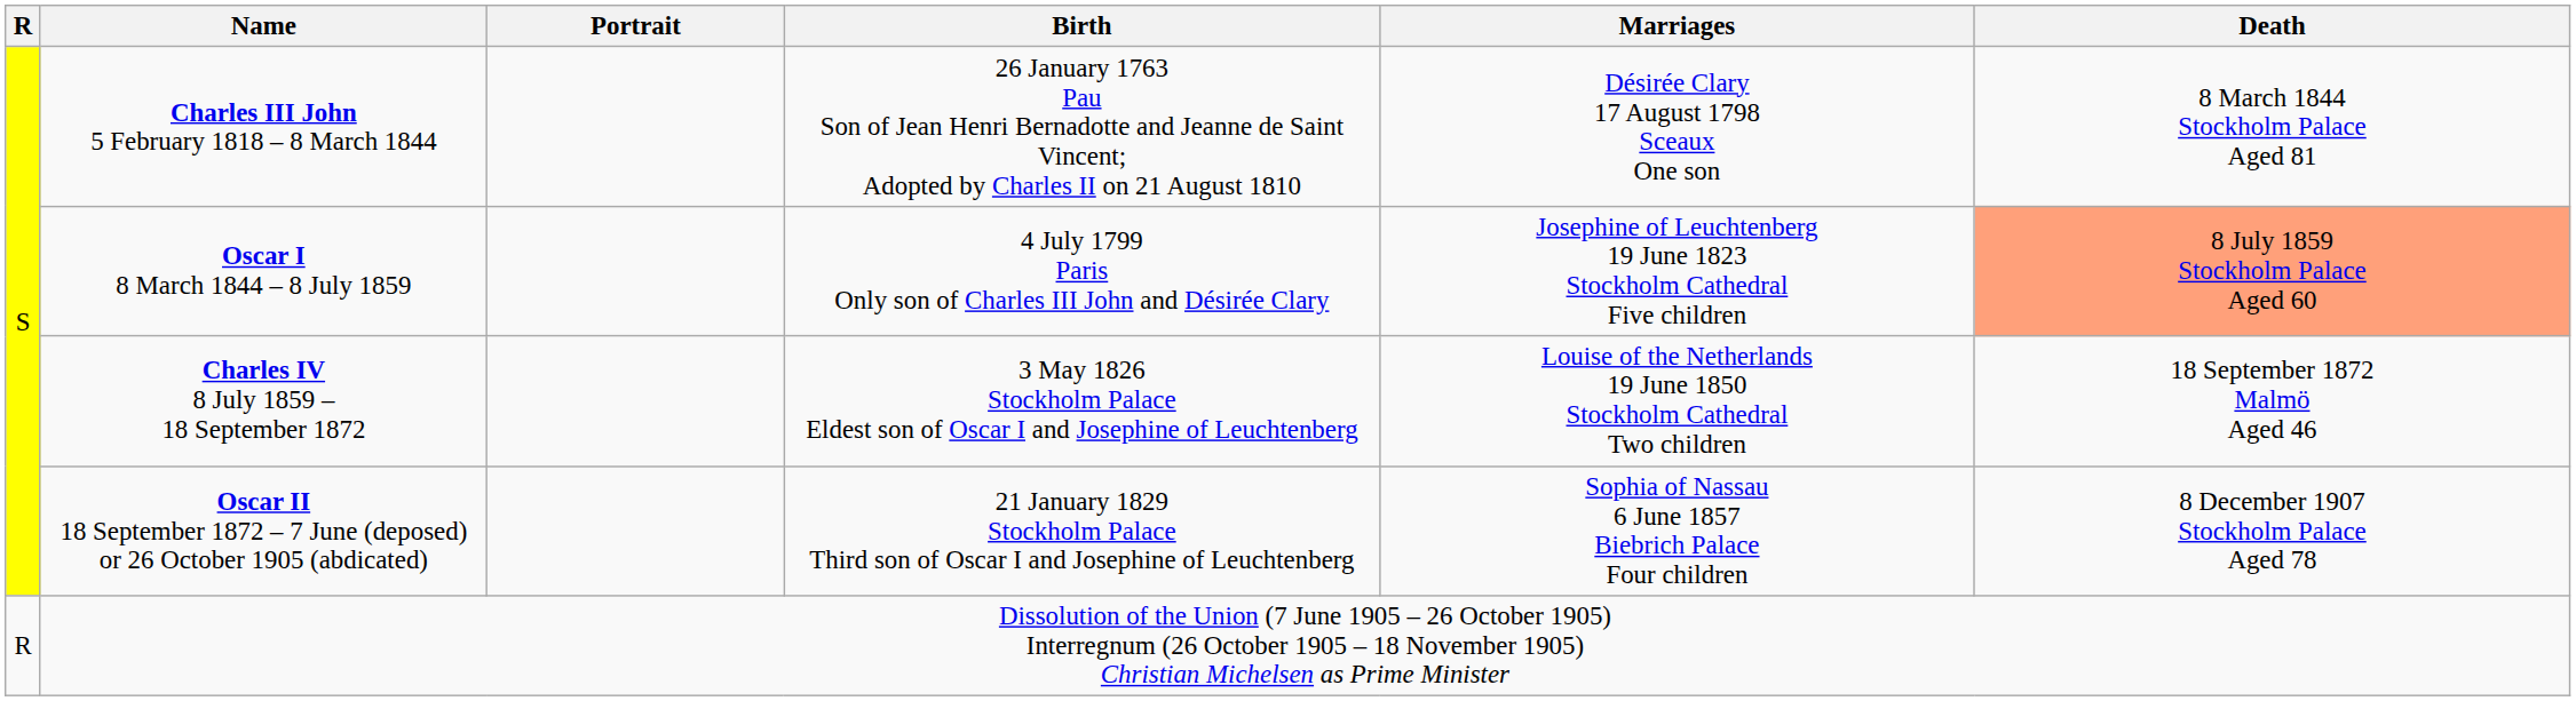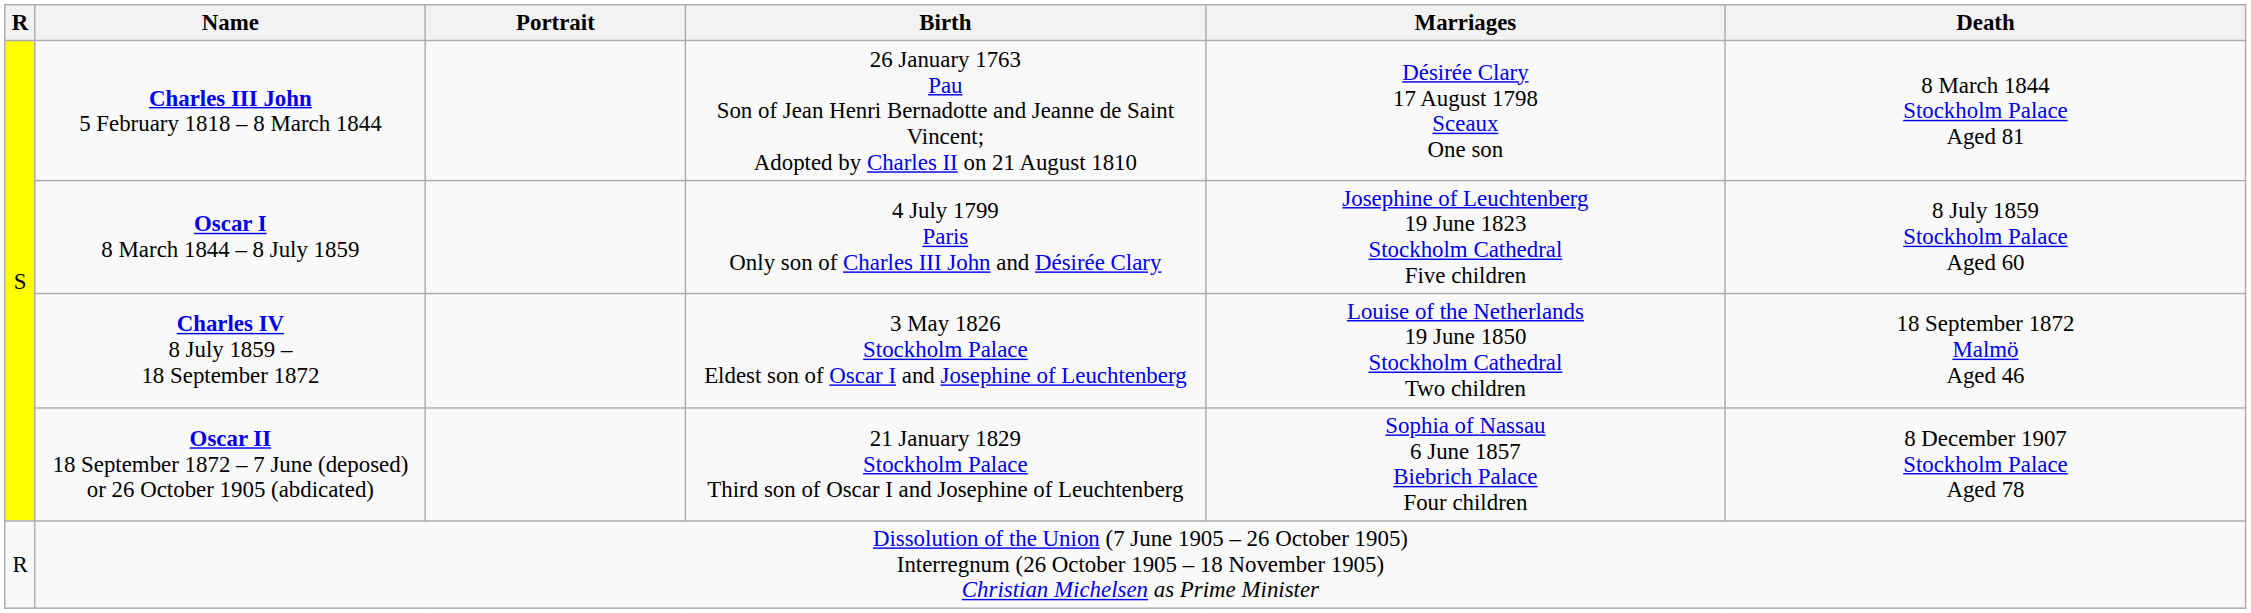 <table style="text-align:center" class="wikitable">
 <tr>
 <th width=1%>R</th>
 <th width=15%>Name</th>
 <th width=10%>Portrait</th>
 <th width=20%>Birth</th>
 <th width=20%>Marriages</th>
 <th width=20%>Death</th>
 </tr>
 <tr>
 <td rowspan="4" style="background-color:#FF0; text-align:center">S</td>
 <td><strong><a href='#'>Charles III John</a></strong><br>5 February 1818 – 8 March 1844<br></td>
 <td></td>
 <td>26 January 1763<br><a href='#'>Pau</a><br>Son of Jean Henri Bernadotte and Jeanne de Saint Vincent;<br>Adopted by <a href='#'>Charles II</a> on 21 August 1810</td>
 <td><a href='#'>Désirée Clary</a><br>17 August 1798<br><a href='#'>Sceaux</a><br>One son</td>
 <td>8 March 1844<br><a href='#'>Stockholm Palace</a><br>Aged 81</td>
 </tr>
 <tr>
 <td><strong><a href='#'>Oscar I</a></strong><br>8 March 1844 – 8 July 1859<br></td>
 <td></td>
 <td>4 July 1799<br><a href='#'>Paris</a><br>Only son of <a href='#'>Charles III John</a> and <a href='#'>Désirée Clary</a></td>
 <td><a href='#'>Josephine of Leuchtenberg</a><br>19 June 1823<br><a href='#'>Stockholm Cathedral</a><br>Five children</td>
-<td style="background: lightsalmon;">8 July 1859<br><a href='#'>Stockholm Palace</a><br>Aged 60</td>
+<td>8 July 1859<br><a href='#'>Stockholm Palace</a><br>Aged 60</td>
 </tr>
 <tr>
 <td><strong><a href='#'>Charles IV</a></strong><br>8 July 1859 –<br>18 September 1872<br></td>
 <td></td>
 <td>3 May 1826<br><a href='#'>Stockholm Palace</a><br>Eldest son of <a href='#'>Oscar I</a> and <a href='#'>Josephine of Leuchtenberg</a></td>
 <td><a href='#'>Louise of the Netherlands</a><br>19 June 1850<br><a href='#'>Stockholm Cathedral</a><br>Two children</td>
 <td>18 September 1872<br><a href='#'>Malmö</a><br>Aged 46</td>
 </tr>
 <tr>
 <td><strong><a href='#'>Oscar II</a></strong><br>18 September 1872 – 7 June (deposed) or 26 October 1905 (abdicated)<br></td>
 <td></td>
 <td>21 January 1829<br><a href='#'>Stockholm Palace</a><br>Third son of Oscar I and Josephine of Leuchtenberg</td>
 <td><a href='#'>Sophia of Nassau</a><br>6 June 1857<br><a href='#'>Biebrich Palace</a><br>Four children</td>
 <td>8 December 1907<br><a href='#'>Stockholm Palace</a><br>Aged 78</td>
 </tr>
 <tr>
 <td>R</td>
 <td align="center" colspan=5><a href='#'>Dissolution of the Union</a> (7 June 1905 – 26 October 1905)<br>Interregnum (26 October 1905 – 18 November 1905)<br><em><a href='#'>Christian Michelsen</a> as Prime Minister</em></td>
 </tr>
 </table>
